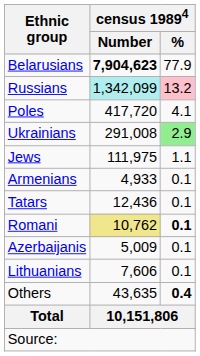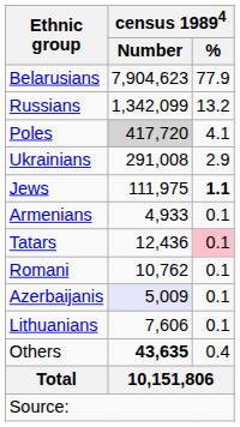 <table class="wikitable">
 <tr bgcolor="#e0e0e0">
 <th rowspan="2">Ethnic<br>group</th>
 <th colspan="2">census 1989<sup>4</sup></th>
 </tr>
 <tr bgcolor="#e0e0e0">
 <th>Number</th>
 <th>%</th>
 </tr>
 <tr>
 <td><a href='#'>Belarusians</a></td>
-<td align="right"><strong>7,904,623</strong></td>
+<td align="right">7,904,623</td>
 <td align="right">77.9</td>
 </tr>
 <tr>
 <td><a href='#'>Russians</a></td>
-<td align="right" style="background: paleturquoise;">1,342,099</td>
-<td align="right" style="background: pink;">13.2</td>
+<td align="right">1,342,099</td>
+<td align="right">13.2</td>
 </tr>
 <tr>
 <td><a href='#'>Poles</a></td>
-<td align="right">417,720</td>
+<td align="right" style="background: lightgrey;">417,720</td>
 <td align="right">4.1</td>
 </tr>
 <tr>
 <td><a href='#'>Ukrainians</a></td>
 <td align="right">291,008</td>
-<td align="right" style="background: lightgreen;">2.9</td>
+<td align="right">2.9</td>
 </tr>
 <tr>
 <td><a href='#'>Jews</a></td>
 <td align="right">111,975</td>
-<td align="right">1.1</td>
+<td align="right"><strong>1.1</strong></td>
 </tr>
 <tr>
 <td><a href='#'>Armenians</a></td>
 <td align="right">4,933</td>
 <td align="right">0.1</td>
 </tr>
 <tr>
 <td><a href='#'>Tatars</a></td>
 <td align="right">12,436</td>
+<td align="right" style="background: pink;">0.1</td>
+</tr>
+<tr>
+<td><a href='#'>Romani</a></td>
+<td align="right">10,762</td>
 <td align="right">0.1</td>
 </tr>
 <tr>
-<td><a href='#'>Romani</a></td>
-<td align="right" style="background: khaki;">10,762</td>
-<td align="right"><strong>0.1</strong></td>
-</tr>
-<tr>
 <td><a href='#'>Azerbaijanis</a></td>
-<td align="right">5,009</td>
+<td align="right" style="background: lavender;">5,009</td>
 <td align="right">0.1</td>
 </tr>
 <tr>
 <td><a href='#'>Lithuanians</a></td>
 <td align="right">7,606</td>
 <td align="right">0.1</td>
 </tr>
 <tr>
 <td>Others</td>
-<td align="right">43,635</td>
-<td align="right"><strong>0.4</strong></td>
+<td align="right"><strong>43,635</strong></td>
+<td align="right">0.4</td>
 </tr>
 <tr bgcolor="#e0e0e0">
 <th align="left">Total</th>
 <th colspan="2">10,151,806</th>
 </tr>
 <tr>
 <td colspan="15">Source:</td>
 </tr>
 </table>
